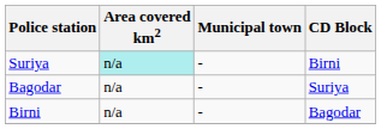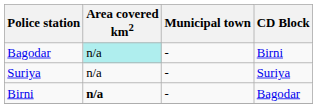 <table class="wikitable sortable">
 <tr>
 <th>Police station</th>
 <th>Area covered<br>km<sup>2</sup></th>
 <th>Municipal town</th>
 <th>CD Block</th>
 </tr>
 <tr>
-<td><a href='#'>Suriya</a></td>
+<td><a href='#'>Bagodar</a></td>
 <td style="background: paleturquoise;">n/a</td>
 <td>-</td>
 <td><a href='#'>Birni</a></td>
 </tr>
 <tr>
-<td><a href='#'>Bagodar</a></td>
+<td><a href='#'>Suriya</a></td>
 <td>n/a</td>
 <td>-</td>
 <td><a href='#'>Suriya</a></td>
 </tr>
 <tr>
 <td><a href='#'>Birni</a></td>
-<td>n/a</td>
+<td><strong>n/a</strong></td>
 <td>-</td>
 <td><a href='#'>Bagodar</a></td>
 </tr>
 <tr>
 </tr>
 </table>
